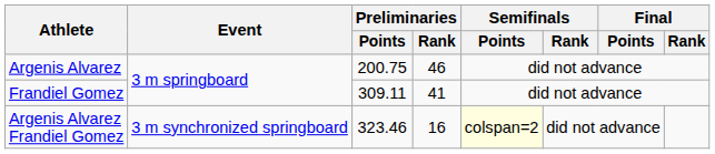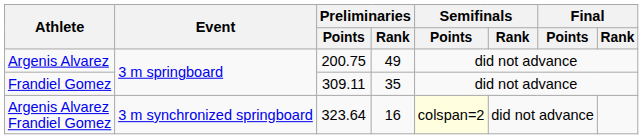 <table class=wikitable style="font-size:90%;">
 <tr>
 <th rowspan="2">Athlete</th>
 <th rowspan="2">Event</th>
 <th colspan="2">Preliminaries</th>
 <th colspan="2">Semifinals</th>
 <th colspan="2">Final</th>
 </tr>
 <tr style="font-size:95%">
 <th>Points</th>
 <th>Rank</th>
 <th>Points</th>
 <th>Rank</th>
 <th>Points</th>
 <th>Rank</th>
 </tr>
 <tr align=center>
 <td align=left><a href='#'>Argenis Alvarez</a></td>
 <td align=left rowspan=2><a href='#'>3 m springboard</a></td>
 <td>200.75</td>
-<td>46</td>
+<td>49</td>
 <td colspan=4>did not advance</td>
 </tr>
 <tr align=center>
 <td align=left><a href='#'>Frandiel Gomez</a></td>
 <td>309.11</td>
-<td>41</td>
+<td>35</td>
 <td colspan=4>did not advance</td>
 </tr>
 <tr align=center>
 <td align=left><a href='#'>Argenis Alvarez</a><br><a href='#'>Frandiel Gomez</a></td>
 <td align=left><a href='#'>3 m synchronized springboard</a></td>
-<td>323.46</td>
+<td>323.64</td>
 <td>16</td>
 <td style="background: lightyellow;">colspan=2 </td>
 <td colspan=2>did not advance</td>
 </tr>
 </table>
